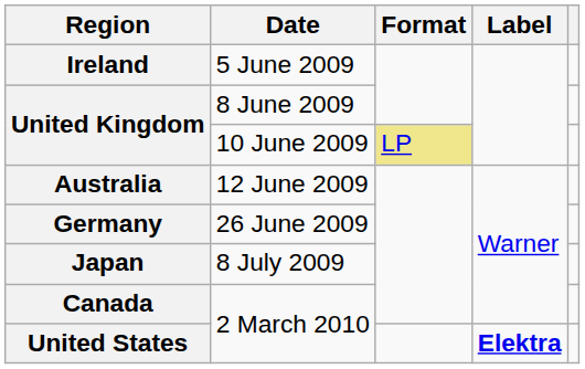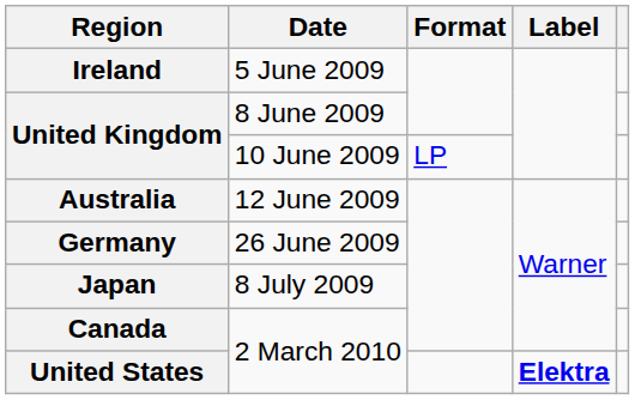 <table class="wikitable plainrowheaders">
 <tr>
 <th scope="col">Region</th>
 <th scope="col">Date</th>
 <th scope="col">Format</th>
 <th scope="col">Label</th>
 <th scope="col"></th>
 </tr>
 <tr>
 <th scope="row">Ireland</th>
 <td>5 June 2009</td>
 <td rowspan="2"></td>
 <td rowspan="3"></td>
 <td align="center"></td>
 </tr>
 <tr>
 <th scope="row" rowspan="2">United Kingdom</th>
 <td>8 June 2009</td>
 <td align="center"></td>
 </tr>
 <tr>
 <td>10 June 2009</td>
-<td style="background: khaki;"><a href='#'>LP</a></td>
+<td><a href='#'>LP</a></td>
 <td align="center"></td>
 </tr>
 <tr>
 <th scope="row">Australia</th>
 <td>12 June 2009</td>
 <td rowspan="4"></td>
 <td rowspan="4"><a href='#'>Warner</a></td>
 <td align="center"></td>
 </tr>
 <tr>
 <th scope="row">Germany</th>
 <td>26 June 2009</td>
 <td align="center"></td>
 </tr>
 <tr>
 <th scope="row">Japan</th>
 <td>8 July 2009</td>
 <td align="center"></td>
 </tr>
 <tr>
 <th scope="row">Canada</th>
 <td rowspan="2">2 March 2010</td>
 <td align="center"></td>
 </tr>
 <tr>
 <th scope="row">United States</th>
 <td></td>
 <td><strong><a href='#'>Elektra</a></strong></td>
 <td align="center"></td>
 </tr>
 </table>
